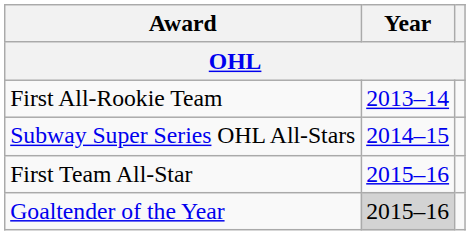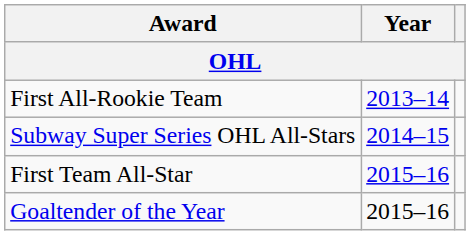 <table class="wikitable">
 <tr>
 <th>Award</th>
 <th>Year</th>
 <th></th>
 </tr>
 <tr>
 <th colspan="3"><a href='#'>OHL</a></th>
 </tr>
 <tr>
 <td>First All-Rookie Team</td>
 <td><a href='#'>2013–14</a></td>
 <td></td>
 </tr>
 <tr>
 <td><a href='#'>Subway Super Series</a> OHL All-Stars</td>
 <td><a href='#'>2014–15</a></td>
 <td></td>
 </tr>
 <tr>
 <td>First Team All-Star</td>
 <td><a href='#'>2015–16</a></td>
 <td></td>
 </tr>
 <tr>
 <td><a href='#'>Goaltender of the Year</a></td>
-<td style="background: lightgrey;">2015–16</td>
+<td>2015–16</td>
 <td></td>
 </tr>
 </table>
